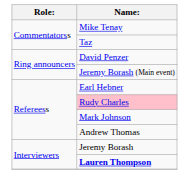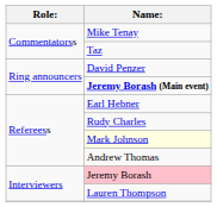 <table class=wikitable style="font-size:90%; margin: 0.5em 0 0.5em 1em; float: right; clear: right;">
 <tr>
 <th>Role:</th>
 <th>Name:</th>
 </tr>
 <tr>
 <td rowspan="2"><a href='#'>Commentators</a>s</td>
 <td><a href='#'>Mike Tenay</a></td>
 </tr>
 <tr>
 <td><a href='#'>Taz</a></td>
 </tr>
 <tr>
 <td rowspan="2"><a href='#'>Ring announcers</a></td>
 <td><a href='#'>David Penzer</a></td>
 </tr>
 <tr>
-<td><a href='#'>Jeremy Borash</a> <small>(Main event)</small></td>
+<td><strong><a href='#'>Jeremy Borash</a> <small>(Main event)</small></strong></td>
 </tr>
 <tr>
 <td rowspan="4"><a href='#'>Referees</a>s</td>
 <td><a href='#'>Earl Hebner</a></td>
 </tr>
 <tr>
-<td style="background: pink;"><a href='#'>Rudy Charles</a></td>
+<td><a href='#'>Rudy Charles</a></td>
 </tr>
 <tr>
-<td><a href='#'>Mark Johnson</a></td>
+<td style="background: lightyellow;"><a href='#'>Mark Johnson</a></td>
 </tr>
 <tr>
 <td>Andrew Thomas</td>
 </tr>
 <tr>
 <td rowspan="2"><a href='#'>Interviewers</a></td>
-<td>Jeremy Borash</td>
+<td style="background: pink;">Jeremy Borash</td>
 </tr>
 <tr>
-<td><strong><a href='#'>Lauren Thompson</a></strong></td>
+<td><a href='#'>Lauren Thompson</a></td>
 </tr>
 <tr>
 </tr>
 </table>
